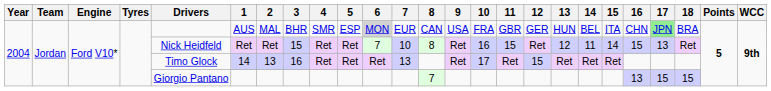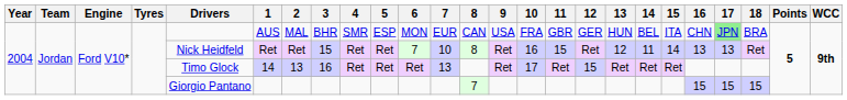 <table class="wikitable" style="text-align:center; font-size:95%">
 <tr>
 <th>Year</th>
 <th>Team</th>
 <th>Engine</th>
 <th>Tyres</th>
 <th>Drivers</th>
 <th>1</th>
 <th>2</th>
 <th>3</th>
 <th>4</th>
 <th>5</th>
 <th>6</th>
 <th>7</th>
 <th>8</th>
 <th>9</th>
 <th>10</th>
 <th>11</th>
 <th>12</th>
 <th>13</th>
 <th>14</th>
 <th>15</th>
 <th>16</th>
 <th>17</th>
 <th>18</th>
 <th>Points</th>
 <th>WCC</th>
 </tr>
 <tr>
 <td rowspan="4"><a href='#'>2004</a></td>
 <td rowspan="4"><a href='#'>Jordan</a></td>
 <td rowspan="4"><a href='#'>Ford</a> <a href='#'>V10</a>*</td>
 <td rowspan="4"></td>
 <td></td>
 <td><a href='#'>AUS</a></td>
 <td><a href='#'>MAL</a></td>
 <td><a href='#'>BHR</a></td>
 <td><a href='#'>SMR</a></td>
 <td><a href='#'>ESP</a></td>
-<td style="background: lightgrey;"><a href='#'>MON</a></td>
+<td><a href='#'>MON</a></td>
 <td><a href='#'>EUR</a></td>
 <td><a href='#'>CAN</a></td>
 <td><a href='#'>USA</a></td>
 <td><a href='#'>FRA</a></td>
 <td><a href='#'>GBR</a></td>
 <td><a href='#'>GER</a></td>
 <td><a href='#'>HUN</a></td>
 <td><a href='#'>BEL</a></td>
 <td><a href='#'>ITA</a></td>
 <td><a href='#'>CHN</a></td>
 <td style="background: lightgreen;"><a href='#'>JPN</a></td>
 <td><a href='#'>BRA</a></td>
 <td rowspan="4"><strong>5</strong></td>
 <td rowspan="4"><strong>9th</strong></td>
 </tr>
 <tr>
 <td> <a href='#'>Nick Heidfeld</a></td>
 <td style="background:#EFCFFF;">Ret</td>
 <td style="background:#EFCFFF;">Ret</td>
 <td style="background:#CFCFFF;">15</td>
 <td style="background:#EFCFFF;">Ret</td>
 <td style="background:#EFCFFF;">Ret</td>
 <td style="background:#DFFFDF;">7</td>
 <td style="background:#CFCFFF;">10</td>
 <td style="background:#DFFFDF;">8</td>
 <td style="background:#EFCFFF;">Ret</td>
 <td style="background:#CFCFFF;">16</td>
 <td style="background:#CFCFFF;">15</td>
 <td style="background:#EFCFFF;">Ret</td>
 <td style="background:#CFCFFF;">12</td>
 <td style="background:#CFCFFF;">11</td>
 <td style="background:#CFCFFF;">14</td>
-<td style="background:#CFCFFF;">15</td>
+<td style="background:#CFCFFF;">13</td>
 <td style="background:#CFCFFF;">13</td>
 <td style="background:#EFCFFF;">Ret</td>
 </tr>
 <tr>
 <td> <a href='#'>Timo Glock</a></td>
 <td style="background:#CFCFFF;">14</td>
 <td style="background:#CFCFFF;">13</td>
 <td style="background:#CFCFFF;">16</td>
 <td style="background:#EFCFFF;">Ret</td>
 <td style="background:#EFCFFF;">Ret</td>
 <td style="background:#EFCFFF;">Ret</td>
 <td style="background:#CFCFFF;">13</td>
 <td></td>
 <td style="background:#EFCFFF;">Ret</td>
 <td style="background:#CFCFFF;">17</td>
 <td style="background:#EFCFFF;">Ret</td>
 <td style="background:#CFCFFF;">15</td>
 <td style="background:#EFCFFF;">Ret</td>
 <td style="background:#EFCFFF;">Ret</td>
 <td style="background:#EFCFFF;">Ret</td>
 <td></td>
 <td></td>
 <td></td>
 </tr>
 <tr>
 <td> <a href='#'>Giorgio Pantano</a></td>
 <td></td>
 <td></td>
 <td></td>
 <td></td>
 <td></td>
 <td></td>
 <td></td>
 <td style="background:#DFFFDF;">7</td>
 <td></td>
 <td></td>
 <td></td>
 <td></td>
 <td></td>
 <td></td>
 <td></td>
-<td style="background:#CFCFFF;">13</td>
+<td style="background:#CFCFFF;">15</td>
 <td style="background:#CFCFFF;">15</td>
 <td style="background:#CFCFFF;">15</td>
 </tr>
 </table>
